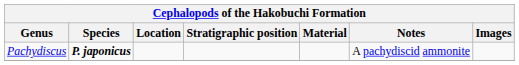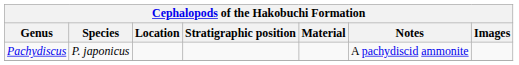 <table class="wikitable" align="center">
 <tr>
 <th colspan="7" align="center"><a href='#'>Cephalopods</a> of the Hakobuchi Formation</th>
 </tr>
 <tr>
 <th>Genus</th>
 <th>Species</th>
 <th>Location</th>
 <th>Stratigraphic position</th>
 <th>Material</th>
 <th>Notes</th>
 <th>Images</th>
 </tr>
 <tr>
 <td><em><a href='#'>Pachydiscus</a></em></td>
-<td><strong><em>P. japonicus</em></strong></td>
+<td><em>P. japonicus</em></td>
 <td></td>
 <td></td>
 <td></td>
 <td>A <a href='#'>pachydiscid</a> <a href='#'>ammonite</a></td>
 <td></td>
 </tr>
 <tr>
 </tr>
 </table>
